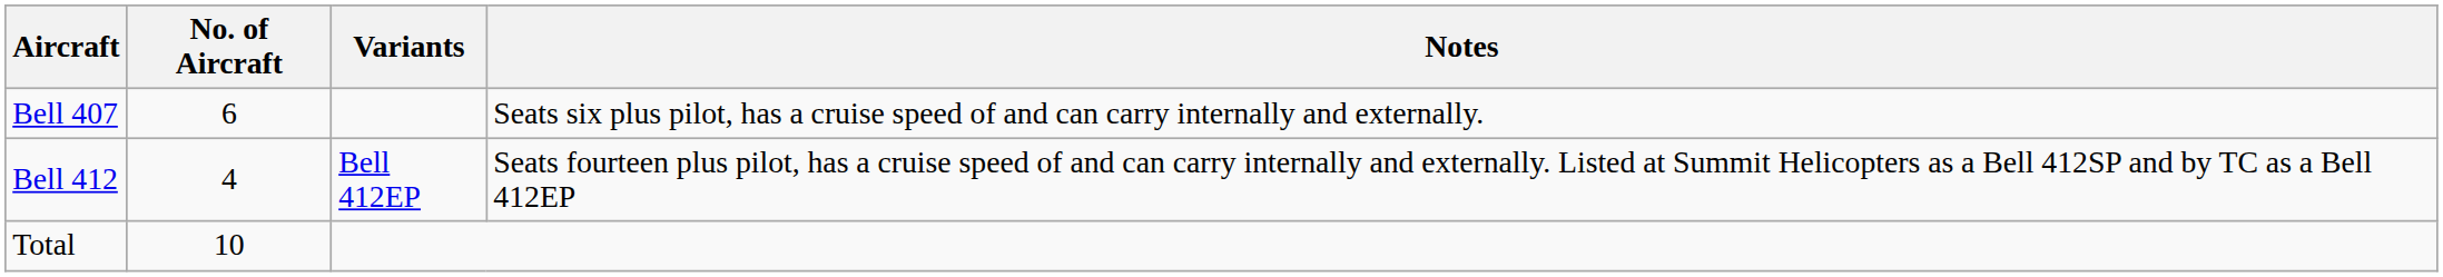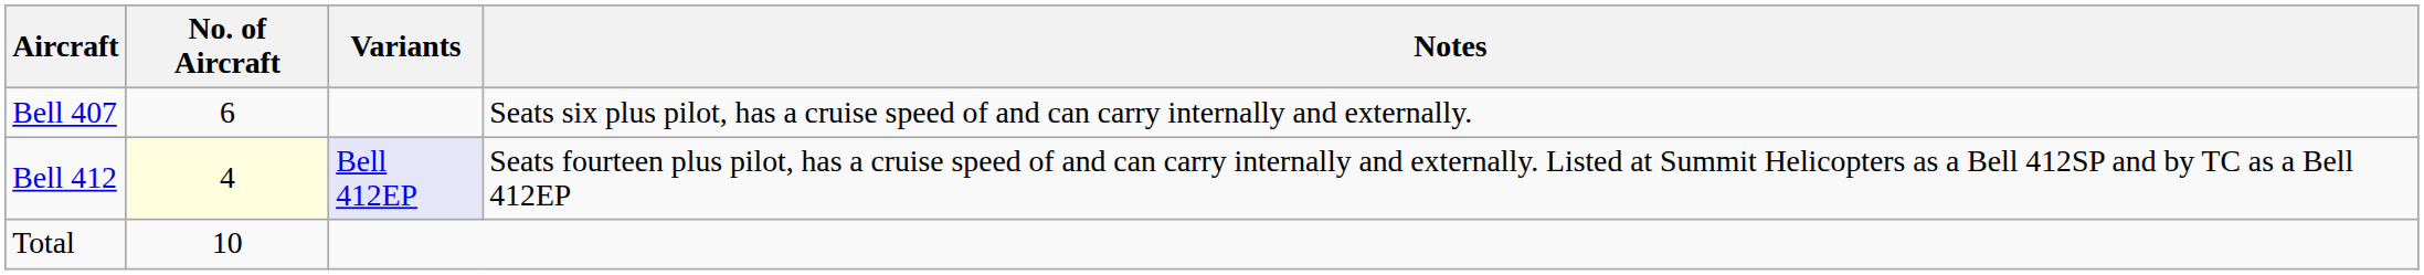 <table class="wikitable" style="margin:1em auto; border-collapse:collapse">
 <tr>
 <th>Aircraft</th>
 <th>No. of Aircraft</th>
 <th>Variants</th>
 <th>Notes</th>
 </tr>
 <tr>
 <td><a href='#'>Bell 407</a></td>
 <td align=center>6</td>
 <td> </td>
 <td>Seats six plus pilot, has a cruise speed of  and can carry  internally and  externally.</td>
 </tr>
 <tr>
 <td><a href='#'>Bell 412</a></td>
-<td align=center>4</td>
-<td><a href='#'>Bell 412EP</a></td>
+<td align=center style="background: lightyellow;">4</td>
+<td style="background: lavender;"><a href='#'>Bell 412EP</a></td>
 <td>Seats fourteen plus pilot, has a cruise speed of  and can carry  internally and  externally. Listed at Summit Helicopters as a Bell 412SP and by TC as a Bell 412EP<br></td>
 </tr>
 <tr>
 <td>Total</td>
 <td align=center>10</td>
 <td colspan="3"></td>
 </tr>
 </table>
